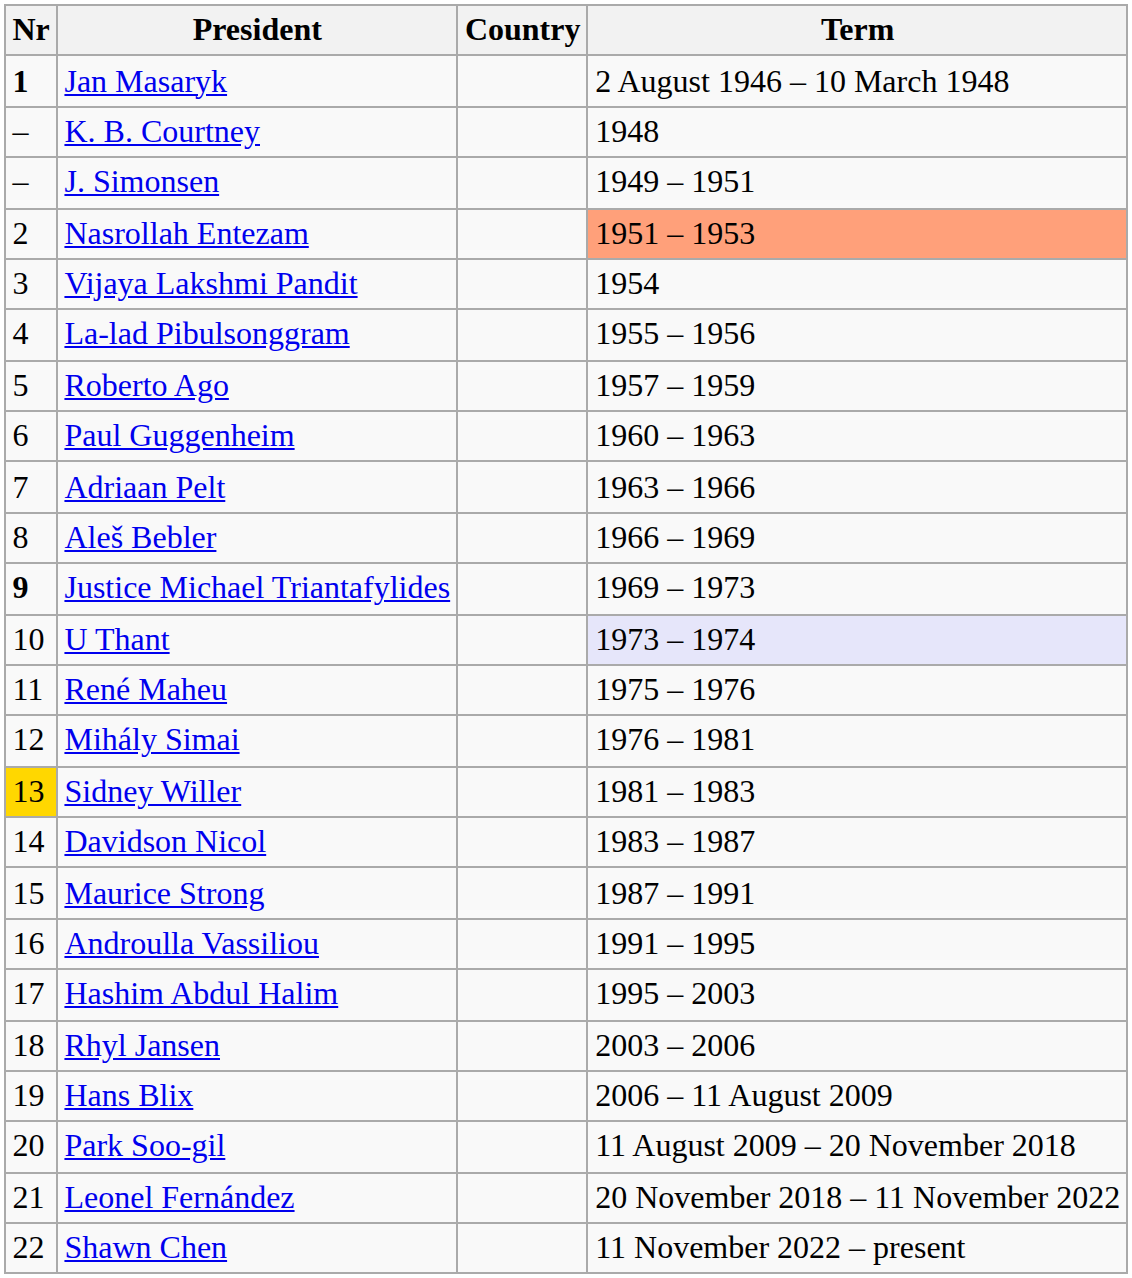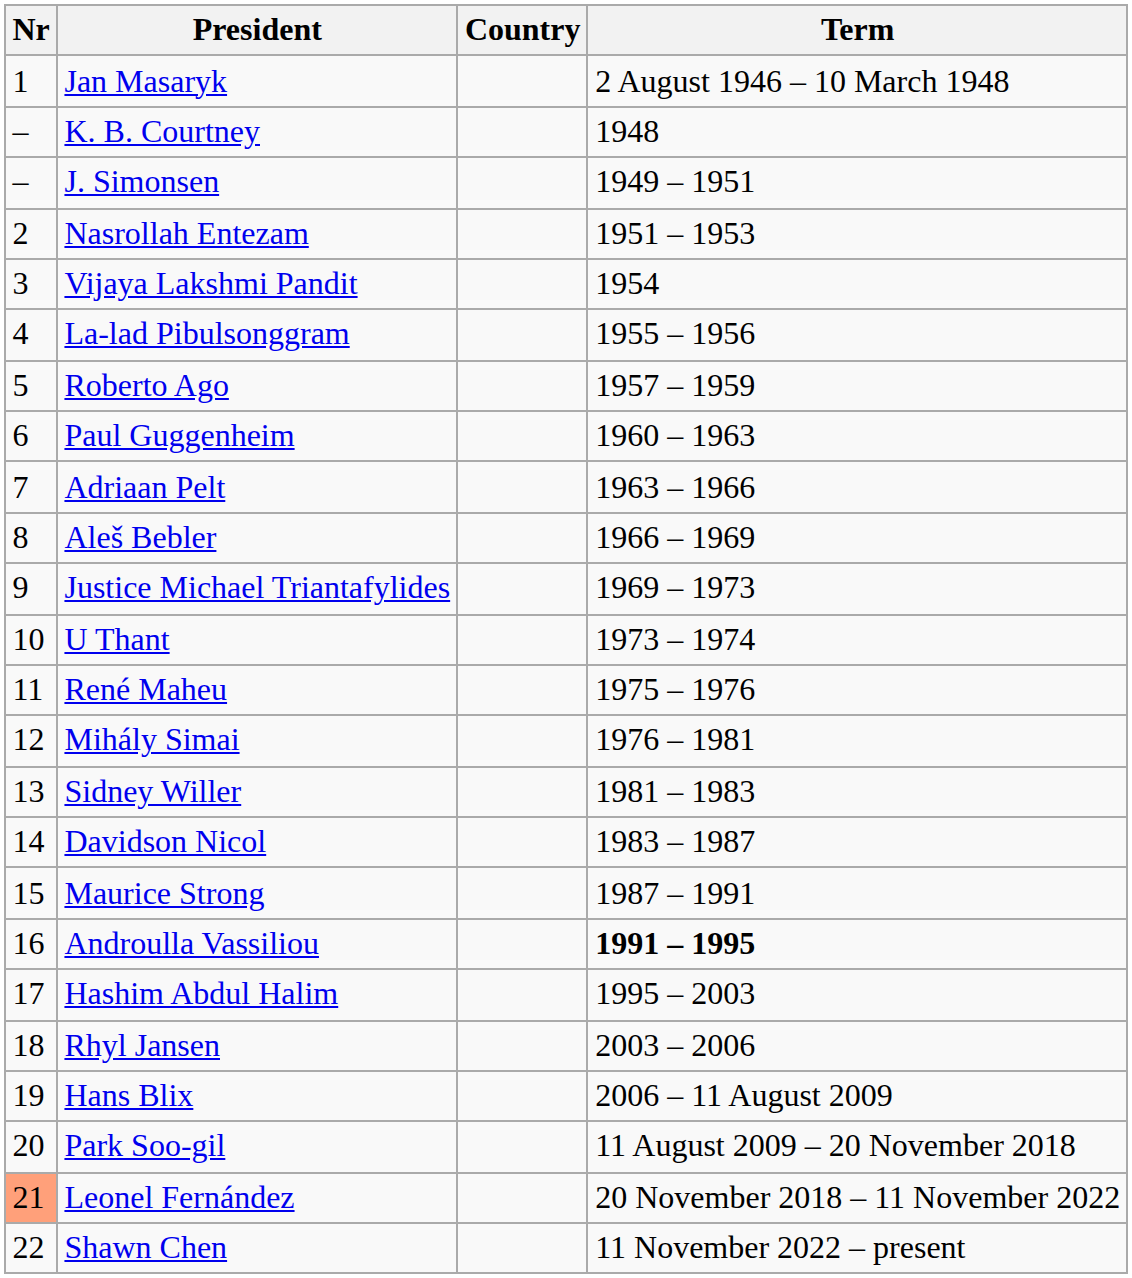 <table class="sortable wikitable">
 <tr>
 <th>Nr</th>
 <th>President</th>
 <th>Country</th>
 <th>Term</th>
 </tr>
 <tr>
-<td><strong>1</strong></td>
+<td>1</td>
 <td><a href='#'>Jan Masaryk</a></td>
 <td></td>
 <td>2 August 1946 – 10 March 1948</td>
 </tr>
 <tr>
 <td>–</td>
 <td><a href='#'>K. B. Courtney</a></td>
 <td></td>
 <td>1948</td>
 </tr>
 <tr>
 <td>–</td>
 <td><a href='#'>J. Simonsen</a></td>
 <td></td>
 <td>1949 – 1951</td>
 </tr>
 <tr>
 <td>2</td>
 <td><a href='#'>Nasrollah Entezam</a></td>
 <td></td>
-<td style="background: lightsalmon;">1951 – 1953</td>
+<td>1951 – 1953</td>
 </tr>
 <tr>
 <td>3</td>
 <td><a href='#'>Vijaya Lakshmi Pandit</a></td>
 <td></td>
 <td>1954</td>
 </tr>
 <tr>
 <td>4</td>
 <td><a href='#'>La-lad Pibulsonggram</a></td>
 <td></td>
 <td>1955 – 1956</td>
 </tr>
 <tr>
 <td>5</td>
 <td><a href='#'>Roberto Ago</a></td>
 <td></td>
 <td>1957 – 1959</td>
 </tr>
 <tr>
 <td>6</td>
 <td><a href='#'>Paul Guggenheim</a></td>
 <td></td>
 <td>1960 – 1963</td>
 </tr>
 <tr>
 <td>7</td>
 <td><a href='#'>Adriaan Pelt</a></td>
 <td></td>
 <td>1963 – 1966</td>
 </tr>
 <tr>
 <td>8</td>
 <td><a href='#'>Aleš Bebler</a></td>
 <td></td>
 <td>1966 – 1969</td>
 </tr>
 <tr>
-<td><strong>9</strong></td>
+<td>9</td>
 <td><a href='#'>Justice Michael Triantafylides</a></td>
 <td></td>
 <td>1969 – 1973</td>
 </tr>
 <tr>
 <td>10</td>
 <td><a href='#'>U Thant</a></td>
 <td></td>
-<td style="background: lavender;">1973 – 1974</td>
+<td>1973 – 1974</td>
 </tr>
 <tr>
 <td>11</td>
 <td><a href='#'>René Maheu</a></td>
 <td></td>
 <td>1975 – 1976</td>
 </tr>
 <tr>
 <td>12</td>
 <td><a href='#'>Mihály Simai</a></td>
 <td></td>
 <td>1976 – 1981</td>
 </tr>
 <tr>
-<td style="background: gold;">13</td>
+<td>13</td>
 <td><a href='#'>Sidney Willer</a></td>
 <td></td>
 <td>1981 – 1983</td>
 </tr>
 <tr>
 <td>14</td>
 <td><a href='#'>Davidson Nicol</a></td>
 <td></td>
 <td>1983 – 1987</td>
 </tr>
 <tr>
 <td>15</td>
 <td><a href='#'>Maurice Strong</a></td>
 <td></td>
 <td>1987 – 1991</td>
 </tr>
 <tr>
 <td>16</td>
 <td><a href='#'>Androulla Vassiliou</a></td>
 <td></td>
-<td>1991 – 1995</td>
+<td><strong>1991 – 1995</strong></td>
 </tr>
 <tr>
 <td>17</td>
 <td><a href='#'>Hashim Abdul Halim</a></td>
 <td></td>
 <td>1995 – 2003</td>
 </tr>
 <tr>
 <td>18</td>
 <td><a href='#'>Rhyl Jansen</a></td>
 <td></td>
 <td>2003 – 2006</td>
 </tr>
 <tr>
 <td>19</td>
 <td><a href='#'>Hans Blix</a></td>
 <td></td>
 <td>2006 – 11 August 2009</td>
 </tr>
 <tr>
 <td>20</td>
 <td><a href='#'>Park Soo-gil</a></td>
 <td></td>
 <td>11 August 2009 – 20 November 2018</td>
 </tr>
 <tr>
-<td>21</td>
+<td style="background: lightsalmon;">21</td>
 <td><a href='#'>Leonel Fernández</a></td>
 <td></td>
 <td>20 November 2018 – 11 November 2022</td>
 </tr>
 <tr>
 <td>22</td>
 <td><a href='#'>Shawn Chen</a></td>
 <td></td>
 <td>11 November 2022 – present</td>
 </tr>
 <tr>
 </tr>
 </table>
